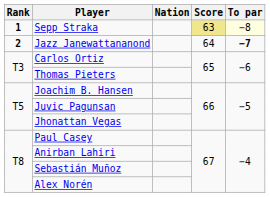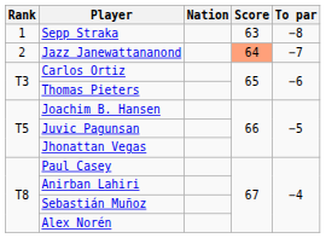 <table class="wikitable">
 <tr>
 <th>Rank</th>
 <th>Player</th>
 <th>Nation</th>
 <th>Score</th>
 <th>To par</th>
 </tr>
 <tr>
-<td align=center><strong>1</strong></td>
+<td align=center>1</td>
 <td><a href='#'>Sepp Straka</a></td>
 <td></td>
-<td align=center style="background: khaki;">63</td>
-<td align=center style="background: lightyellow;">−8</td>
+<td align=center>63</td>
+<td align=center>−8</td>
 </tr>
 <tr>
-<td align=center><strong>2</strong></td>
+<td align=center>2</td>
 <td><a href='#'>Jazz Janewattananond</a></td>
 <td></td>
-<td align=center>64</td>
-<td align=center><strong>−7</strong></td>
+<td align=center style="background: lightsalmon;">64</td>
+<td align=center>−7</td>
 </tr>
 <tr>
 <td align=center rowspan=2>T3</td>
 <td><a href='#'>Carlos Ortiz</a></td>
 <td></td>
 <td align=center rowspan=2>65</td>
 <td align=center rowspan=2>−6</td>
 </tr>
 <tr>
 <td><a href='#'>Thomas Pieters</a></td>
 <td></td>
 </tr>
 <tr>
 <td align=center rowspan=3>T5</td>
 <td><a href='#'>Joachim B. Hansen</a></td>
 <td></td>
 <td align=center rowspan=3>66</td>
 <td align=center rowspan=3>−5</td>
 </tr>
 <tr>
 <td><a href='#'>Juvic Pagunsan</a></td>
 <td></td>
 </tr>
 <tr>
 <td><a href='#'>Jhonattan Vegas</a></td>
 <td></td>
 </tr>
 <tr>
 <td align=center rowspan=4>T8</td>
 <td><a href='#'>Paul Casey</a></td>
 <td></td>
 <td align=center rowspan=4>67</td>
 <td align=center rowspan=4>−4</td>
 </tr>
 <tr>
 <td><a href='#'>Anirban Lahiri</a></td>
 <td></td>
 </tr>
 <tr>
 <td><a href='#'>Sebastián Muñoz</a></td>
 <td></td>
 </tr>
 <tr>
 <td><a href='#'>Alex Norén</a></td>
 <td></td>
 </tr>
 </table>
